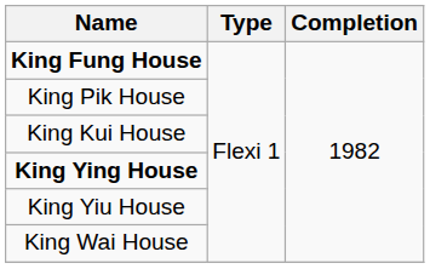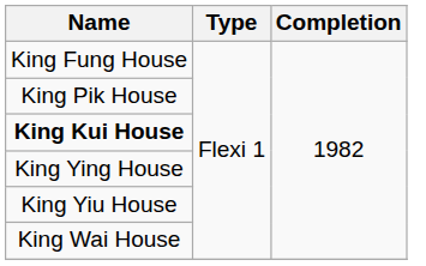 <table class="wikitable" style="text-align: center">
 <tr>
 <th>Name</th>
 <th>Type</th>
 <th>Completion</th>
 </tr>
 <tr>
-<td><strong>King Fung House</strong></td>
+<td>King Fung House</td>
 <td rowspan="6">Flexi 1</td>
 <td rowspan="6">1982</td>
 </tr>
 <tr>
 <td>King Pik House</td>
 </tr>
 <tr>
-<td>King Kui House</td>
+<td><strong>King Kui House</strong></td>
 </tr>
 <tr>
-<td><strong>King Ying House</strong></td>
+<td>King Ying House</td>
 </tr>
 <tr>
 <td>King Yiu House</td>
 </tr>
 <tr>
 <td>King Wai House</td>
 </tr>
 <tr>
 </tr>
 </table>
